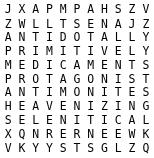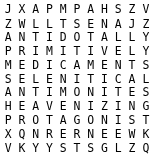 <table style="font-family: monospace; margin: 0 0 0 0; line-height:90%">
 <tr>
 <td style="padding-left: 2em;">J X A P M P A H S Z V</td>
 </tr>
 <tr>
 <td style="padding-left: 2em;">Z W L L T S E N A J Z</td>
 </tr>
 <tr>
 <td style="padding-left: 2em;">A N T I D O T A L L Y</td>
 </tr>
 <tr>
 <td style="padding-left: 2em;">P R I M I T I V E L Y</td>
 </tr>
 <tr>
 <td style="padding-left: 2em;">M E D I C A M E N T S</td>
 </tr>
 <tr>
-<td style="padding-left: 2em;">P R O T A G O N I S T</td>
+<td style="padding-left: 2em;">S E L E N I T I C A L</td>
 </tr>
 <tr>
 <td style="padding-left: 2em;">A N T I M O N I T E S</td>
 </tr>
 <tr>
 <td style="padding-left: 2em;">H E A V E N I Z I N G</td>
 </tr>
 <tr>
-<td style="padding-left: 2em;">S E L E N I T I C A L</td>
+<td style="padding-left: 2em;">P R O T A G O N I S T</td>
 </tr>
 <tr>
 <td style="padding-left: 2em;">X Q N R E R N E E W K</td>
 </tr>
 <tr>
 <td style="padding-left: 2em;">V K Y Y S T S G L Z Q</td>
 </tr>
 </table>
